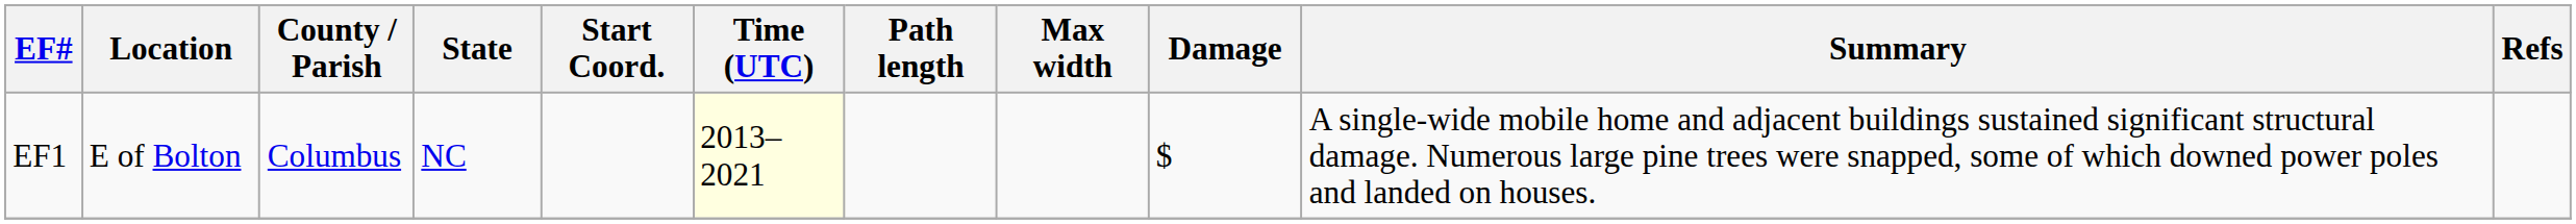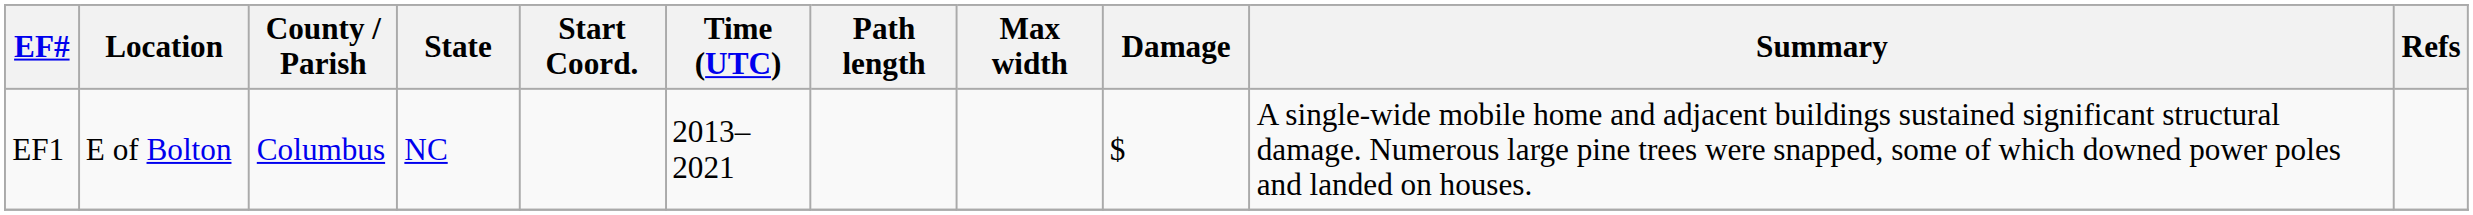 <table class="wikitable sortable" style="width:100%;">
 <tr>
 <th scope="col" width="3%" align="center"><a href='#'>EF#</a></th>
 <th scope="col" width="7%" align="center" class="unsortable">Location</th>
 <th scope="col" width="6%" align="center" class="unsortable">County / Parish</th>
 <th scope="col" width="5%" align="center">State</th>
 <th scope="col" width="6%" align="center">Start Coord.</th>
 <th scope="col" width="6%" align="center">Time (<a href='#'>UTC</a>)</th>
 <th scope="col" width="6%" align="center">Path length</th>
 <th scope="col" width="6%" align="center">Max width</th>
 <th scope="col" width="6%" align="center">Damage</th>
 <th scope="col" width="48%" class="unsortable" align="center">Summary</th>
 <th scope="col" width="48%" class="unsortable" align="center">Refs</th>
 </tr>
 <tr>
 <td>EF1</td>
 <td>E of <a href='#'>Bolton</a></td>
 <td><a href='#'>Columbus</a></td>
 <td><a href='#'>NC</a></td>
 <td></td>
-<td style="background: lightyellow;">2013–2021</td>
+<td>2013–2021</td>
 <td></td>
 <td></td>
 <td>$</td>
 <td>A single-wide mobile home and adjacent buildings sustained significant structural damage. Numerous large pine trees were snapped, some of which downed power poles and landed on houses.</td>
 <td></td>
 </tr>
 <tr>
 </tr>
 </table>
